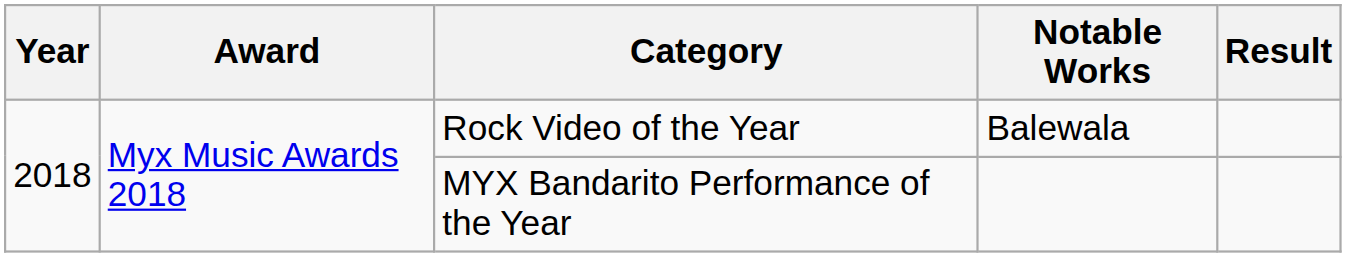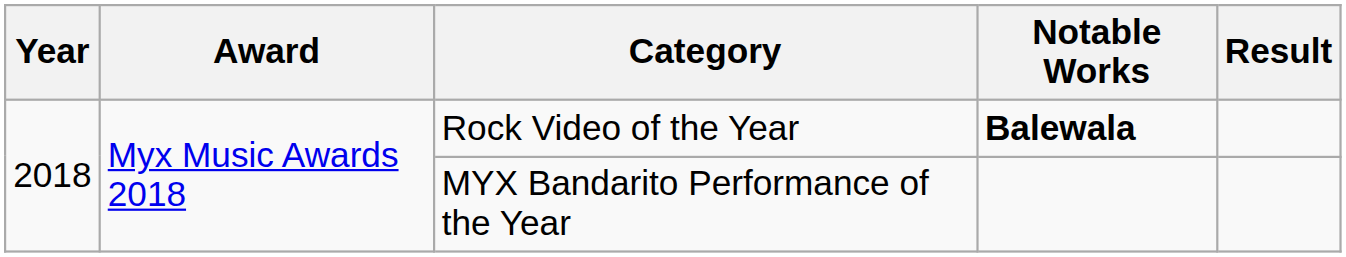 <table class="wikitable">
 <tr>
 <th>Year</th>
 <th>Award</th>
 <th>Category</th>
 <th>Notable Works</th>
 <th>Result</th>
 </tr>
 <tr>
 <td rowspan="2">2018</td>
 <td rowspan="2"><a href='#'>Myx Music Awards 2018</a></td>
 <td>Rock Video of the Year</td>
-<td>Balewala</td>
+<td><strong>Balewala</strong></td>
 <td></td>
 </tr>
 <tr>
 <td>MYX Bandarito Performance of the Year</td>
 <td></td>
 <td></td>
 </tr>
 </table>
